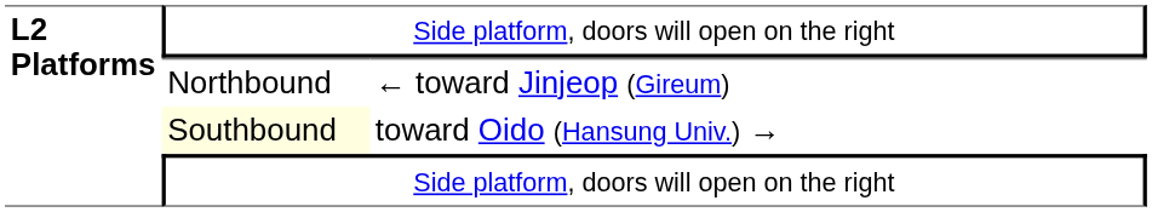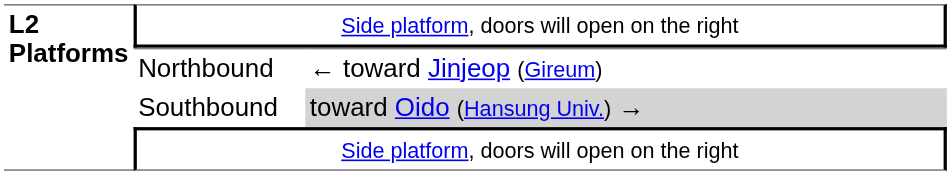 <table table border=0 cellspacing=0 cellpadding=3>
 <tr>
 <td style="border-top:solid 1px gray;border-bottom:solid 1px gray;" width=50 rowspan=10 valign=top><strong>L2<br>Platforms</strong></td>
 <td style="border-top:solid 1px gray;border-right:solid 2px black;border-left:solid 2px black;border-bottom:solid 2px black;text-align:center;" colspan=2><small><a href='#'>Side platform</a>, doors will open on the right</small></td>
 </tr>
 <tr>
 <td style="border-bottom:solid 0px gray;border-top:solid 1px gray;" width=100>Northbound</td>
 <td style="border-bottom:solid 0px gray;border-top:solid 1px gray;" width=390>←  toward <a href='#'>Jinjeop</a> <small>(<a href='#'>Gireum</a>)</small></td>
 </tr>
 <tr>
-<td style="background: lightyellow;">Southbound</td>
-<td>  toward <a href='#'>Oido</a> <small>(<a href='#'>Hansung Univ.</a>)</small> →</td>
+<td>Southbound</td>
+<td style="background: lightgrey;">  toward <a href='#'>Oido</a> <small>(<a href='#'>Hansung Univ.</a>)</small> →</td>
 </tr>
 <tr>
 <td style="border-top:solid 2px black;border-right:solid 2px black;border-left:solid 2px black;border-bottom:solid 1px gray;text-align:center;" colspan=2><small><a href='#'>Side platform</a>, doors will open on the right</small></td>
 </tr>
 </table>
